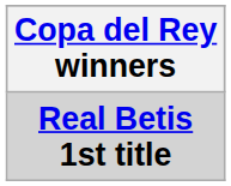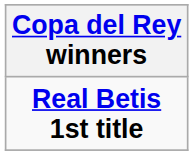 <table class="wikitable" style="text-align: center; margin: 0 auto;">
 <tr>
 <th><a href='#'>Copa del Rey</a><br>winners</th>
 </tr>
 <tr>
-<td style="background: lightgrey;"><strong><a href='#'>Real Betis</a></strong><br><strong>1st title</strong></td>
+<td><strong><a href='#'>Real Betis</a></strong><br><strong>1st title</strong></td>
 </tr>
 </table>
